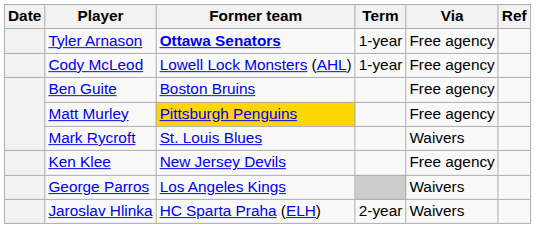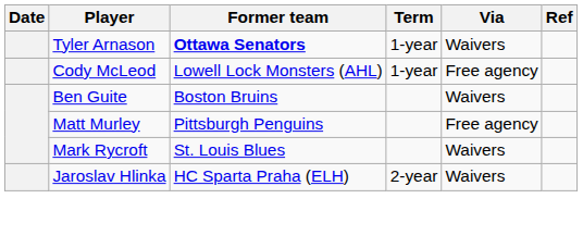 <table class="wikitable plainrowheaders">
 <tr style="background:#ddd; text-align:center;">
 <th>Date</th>
 <th>Player</th>
 <th>Former team</th>
 <th>Term</th>
 <th>Via</th>
 <th>Ref</th>
 </tr>
 <tr>
 <th scope="row"></th>
 <td><a href='#'>Tyler Arnason</a></td>
 <td><strong><a href='#'>Ottawa Senators</a></strong></td>
 <td>1-year</td>
-<td>Free agency</td>
+<td>Waivers</td>
 <td></td>
 </tr>
 <tr>
 <th scope="row"></th>
 <td><a href='#'>Cody McLeod</a></td>
 <td><a href='#'>Lowell Lock Monsters</a> (<a href='#'>AHL</a>)</td>
 <td>1-year</td>
 <td>Free agency</td>
 <td></td>
 </tr>
 <tr>
 <th scope="row" rowspan=3></th>
 <td><a href='#'>Ben Guite</a></td>
 <td><a href='#'>Boston Bruins</a></td>
 <td></td>
-<td>Free agency</td>
+<td>Waivers</td>
 <td></td>
 </tr>
 <tr>
 <td><a href='#'>Matt Murley</a></td>
-<td style="background: gold;"><a href='#'>Pittsburgh Penguins</a></td>
+<td><a href='#'>Pittsburgh Penguins</a></td>
 <td></td>
 <td>Free agency</td>
 <td></td>
 </tr>
 <tr>
 <td><a href='#'>Mark Rycroft</a></td>
 <td><a href='#'>St. Louis Blues</a></td>
 <td></td>
 <td>Waivers</td>
 <td></td>
 </tr>
 <tr>
 <th scope="row"></th>
-<td><a href='#'>Ken Klee</a></td>
-<td><a href='#'>New Jersey Devils</a></td>
-<td></td>
-<td>Free agency</td>
-<td></td>
-</tr>
-<tr>
-<th scope="row"></th>
-<td><a href='#'>George Parros</a></td>
-<td><a href='#'>Los Angeles Kings</a></td>
-<td style="background:#ccc"></td>
-<td>Waivers</td>
-<td></td>
-</tr>
-<tr>
-<th scope="row"></th>
 <td><a href='#'>Jaroslav Hlinka</a></td>
 <td><a href='#'>HC Sparta Praha</a> (<a href='#'>ELH</a>)</td>
 <td>2-year</td>
 <td>Waivers</td>
 <td></td>
 </tr>
 </table>
